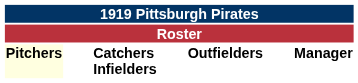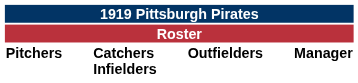 <table class="toccolours" style="font-size: 95%;">
 <tr>
 <th colspan="10" style="background-color: #023465; color: white; text-align: center;">1919 Pittsburgh Pirates</th>
 </tr>
 <tr>
 <td colspan="10" style="background-color: #ba313c; color: white; text-align: center;"><strong>Roster</strong></td>
 </tr>
 <tr>
-<td valign="top" style="background: lightyellow;"><strong>Pitchers</strong><br>         </td>
+<td valign="top"><strong>Pitchers</strong><br>         </td>
 <td width="25px"></td>
 <td valign="top"><strong>Catchers</strong><br>    <strong>Infielders</strong>          </td>
 <td width="25px"></td>
 <td valign="top"><strong>Outfielders</strong><br>     </td>
 <td width="25px"></td>
 <td valign="top"><strong>Manager</strong><br></td>
 </tr>
 </table>
